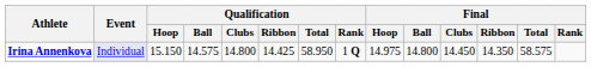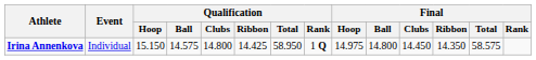 <table class=wikitable style="font-size:90%">
 <tr>
 <th rowspan=2>Athlete</th>
 <th rowspan=2>Event</th>
 <th colspan=6>Qualification</th>
 <th colspan=6>Final</th>
 </tr>
 <tr style="font-size:95%">
 <th>Hoop</th>
 <th>Ball</th>
 <th>Clubs</th>
 <th>Ribbon</th>
 <th>Total</th>
 <th>Rank</th>
 <th>Hoop</th>
 <th>Ball</th>
 <th>Clubs</th>
 <th>Ribbon</th>
 <th>Total</th>
 <th>Rank</th>
 </tr>
 <tr align=center>
 <td align=left><strong><a href='#'>Irina Annenkova</a></strong></td>
-<td align=left style="background: lavender;"><a href='#'>Individual</a></td>
+<td align=left><a href='#'>Individual</a></td>
 <td>15.150</td>
 <td>14.575</td>
 <td>14.800</td>
 <td>14.425</td>
 <td>58.950</td>
 <td>1 <strong>Q</strong></td>
 <td>14.975</td>
 <td>14.800</td>
 <td>14.450</td>
 <td>14.350</td>
 <td>58.575</td>
 <td></td>
 </tr>
 </table>
